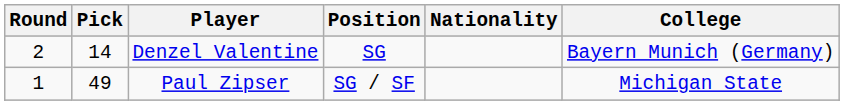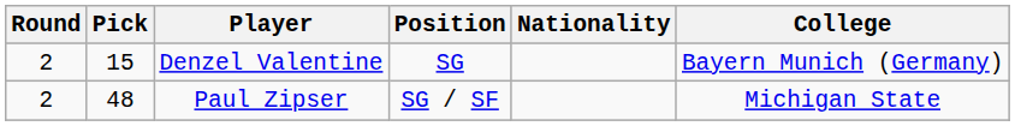 <table class="wikitable sortable sortable">
 <tr>
 <th>Round</th>
 <th>Pick</th>
 <th>Player</th>
 <th>Position</th>
 <th>Nationality</th>
 <th>College</th>
 </tr>
 <tr style="text-align: center">
 <td>2</td>
-<td>14</td>
+<td>15</td>
 <td><a href='#'>Denzel Valentine</a></td>
 <td><a href='#'>SG</a></td>
 <td></td>
 <td><a href='#'>Bayern Munich</a> (<a href='#'>Germany</a>)</td>
 </tr>
 <tr style="text-align: center">
-<td>1</td>
-<td>49</td>
+<td>2</td>
+<td>48</td>
 <td><a href='#'>Paul Zipser</a></td>
 <td><a href='#'>SG</a> / <a href='#'>SF</a></td>
 <td></td>
 <td><a href='#'>Michigan State</a></td>
 </tr>
 </table>
